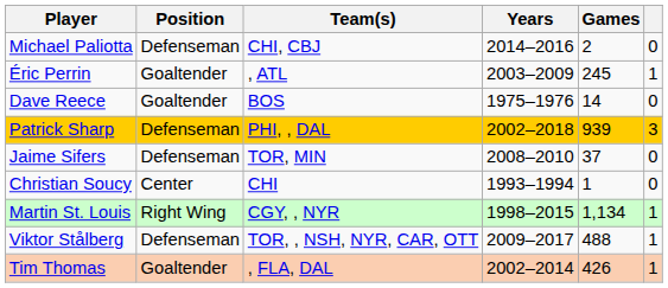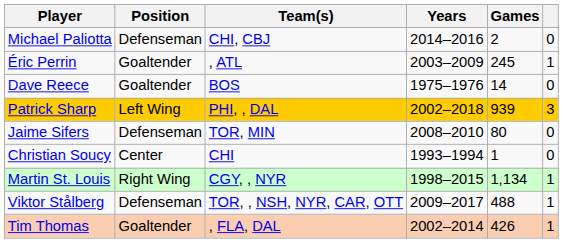 <table class="wikitable sortable">
 <tr>
 <th>Player</th>
 <th>Position</th>
 <th>Team(s)</th>
 <th>Years</th>
 <th>Games</th>
 <th><a href='#'></a></th>
 </tr>
 <tr>
 <td><a href='#'>Michael Paliotta</a></td>
 <td>Defenseman</td>
 <td><a href='#'>CHI</a>, <a href='#'>CBJ</a></td>
 <td>2014–2016</td>
 <td>2</td>
 <td>0</td>
 </tr>
 <tr>
 <td><a href='#'>Éric Perrin</a></td>
 <td>Goaltender</td>
 <td><span><strong></strong></span>, <a href='#'>ATL</a></td>
 <td>2003–2009</td>
 <td>245</td>
 <td>1</td>
 </tr>
 <tr>
 <td><a href='#'>Dave Reece</a></td>
 <td>Goaltender</td>
 <td><a href='#'>BOS</a></td>
 <td>1975–1976</td>
 <td>14</td>
 <td>0</td>
 </tr>
 <tr bgcolor=FFCC00>
 <td><a href='#'>Patrick Sharp</a></td>
-<td>Defenseman</td>
+<td>Left Wing</td>
 <td><a href='#'>PHI</a>, <span><strong></strong></span>, <a href='#'>DAL</a></td>
 <td>2002–2018</td>
 <td>939</td>
 <td>3</td>
 </tr>
 <tr>
 <td><a href='#'>Jaime Sifers</a></td>
 <td>Defenseman</td>
 <td><a href='#'>TOR</a>, <a href='#'>MIN</a></td>
 <td>2008–2010</td>
-<td>37</td>
+<td>80</td>
 <td>0</td>
 </tr>
 <tr>
 <td><a href='#'>Christian Soucy</a></td>
 <td>Center</td>
 <td><a href='#'>CHI</a></td>
 <td>1993–1994</td>
 <td>1</td>
 <td>0</td>
 </tr>
 <tr bgcolor=CCFFCC>
 <td><a href='#'>Martin St. Louis</a></td>
 <td>Right Wing</td>
 <td><a href='#'>CGY</a>, <span><strong></strong></span>, <a href='#'>NYR</a></td>
 <td>1998–2015</td>
 <td>1,134</td>
 <td>1</td>
 </tr>
 <tr>
 <td><a href='#'>Viktor Stålberg</a></td>
 <td>Defenseman</td>
 <td><a href='#'>TOR</a>, <span><strong></strong></span>, <a href='#'>NSH</a>, <a href='#'>NYR</a>, <a href='#'>CAR</a>, <a href='#'>OTT</a></td>
 <td>2009–2017</td>
 <td>488</td>
 <td>1</td>
 </tr>
 <tr bgcolor=FBCEB1>
 <td><a href='#'>Tim Thomas</a></td>
 <td>Goaltender</td>
 <td><span><strong></strong></span>, <a href='#'>FLA</a>, <a href='#'>DAL</a></td>
 <td>2002–2014</td>
 <td>426</td>
 <td>1</td>
 </tr>
 </table>
